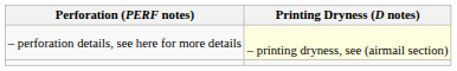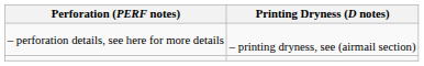 <table class="wikitable" style="border:1">
 <tr>
 <th>Perforation (<em>PERF</em> notes)</th>
 <th>Printing Dryness (<em>D</em> notes)</th>
 </tr>
 <tr>
 <td> – perforation details, see here for more details</td>
-<td style="background: lightyellow;"><br> – printing dryness, see  (airmail section)</td>
+<td><br> – printing dryness, see  (airmail section)</td>
 </tr>
 <tr>
 <td></td>
 <td></td>
 </tr>
 </table>
